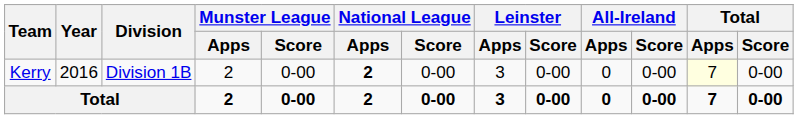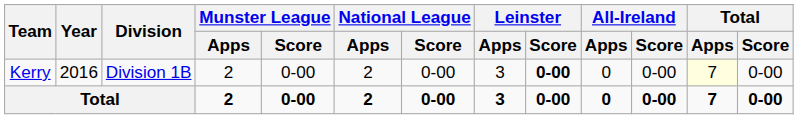 <table class="wikitable" style="text-align:center">
 <tr>
 <th rowspan="2">Team</th>
 <th rowspan="2">Year</th>
 <th rowspan="2">Division</th>
 <th colspan="2"><a href='#'>Munster League</a></th>
 <th colspan="2"><a href='#'>National League</a></th>
 <th colspan="2"><a href='#'>Leinster</a></th>
 <th colspan="2"><a href='#'>All-Ireland</a></th>
 <th colspan="2">Total</th>
 </tr>
 <tr>
 <th>Apps</th>
 <th>Score</th>
 <th>Apps</th>
 <th>Score</th>
 <th>Apps</th>
 <th>Score</th>
 <th>Apps</th>
 <th>Score</th>
 <th>Apps</th>
 <th>Score</th>
 </tr>
 <tr>
 <td rowspan="1"><a href='#'>Kerry</a></td>
 <td>2016</td>
 <td rowspan="1"><a href='#'>Division 1B</a></td>
 <td>2</td>
 <td>0-00</td>
-<td><strong>2</strong></td>
+<td>2</td>
 <td>0-00</td>
 <td>3</td>
-<td>0-00</td>
+<td><strong>0-00</strong></td>
 <td>0</td>
 <td>0-00</td>
 <td style="background: lightyellow;">7</td>
 <td>0-00</td>
 </tr>
 <tr>
 <th colspan="3">Total</th>
 <td><strong>2</strong></td>
 <td><strong>0-00</strong></td>
 <td><strong>2</strong></td>
 <td><strong>0-00</strong></td>
 <td><strong>3</strong></td>
 <td><strong>0-00</strong></td>
 <td><strong>0</strong></td>
 <td><strong>0-00</strong></td>
 <td><strong>7</strong></td>
 <td><strong>0-00</strong></td>
 </tr>
 </table>
